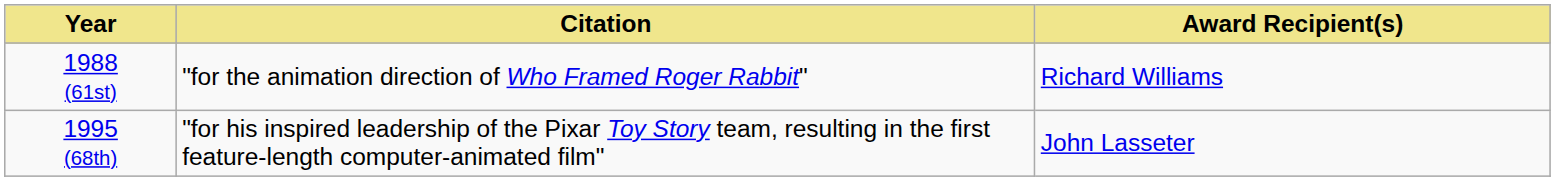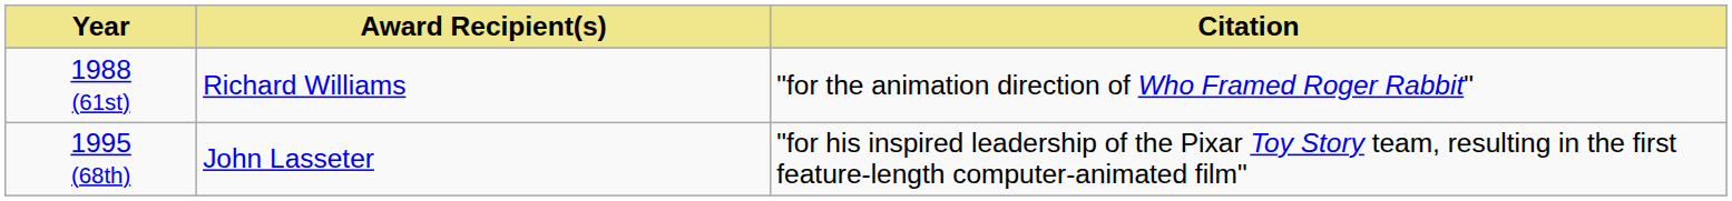 <table class="wikitable" width="80%">
 <tr>
 <th width="5%" style="background:#F0E68C">Year</th>
+<th width="15%" style="background:#F0E68C">Award Recipient(s)</th>
 <th width="25%" style="background:#F0E68C">Citation</th>
-<th width="15%" style="background:#F0E68C">Award Recipient(s)</th>
 </tr>
 <tr>
 <td align="center"><a href='#'>1988</a><br><small><a href='#'>(61st)</a></small></td>
+<td><a href='#'>Richard Williams</a></td>
 <td>"for the animation direction of <em><a href='#'>Who Framed Roger Rabbit</a></em>"</td>
-<td><a href='#'>Richard Williams</a></td>
 </tr>
 <tr>
 <td align="center"><a href='#'>1995</a><br><small><a href='#'>(68th)</a></small></td>
+<td><a href='#'>John Lasseter</a></td>
 <td>"for his inspired leadership of the Pixar <em><a href='#'>Toy Story</a></em> team, resulting in the first feature-length computer-animated film"</td>
-<td><a href='#'>John Lasseter</a></td>
 </tr>
 </table>
